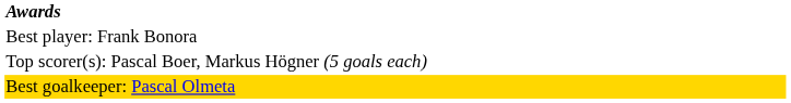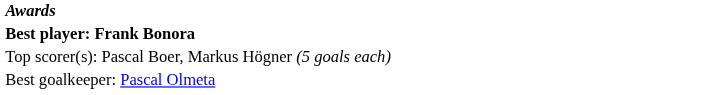 <table width=100% cellspacing=1 style="font-size: 90%;">
 <tr>
 <td><strong><em>Awards</em></strong></td>
 </tr>
 <tr>
-<td>Best player:  Frank Bonora</td>
+<td><strong>Best player:  Frank Bonora</strong></td>
 </tr>
 <tr>
 <td colspan=4>Top scorer(s):  Pascal Boer,  Markus Högner <em>(5 goals each)</em></td>
 </tr>
 <tr>
-<td style="background: gold;">Best goalkeeper:  <a href='#'>Pascal Olmeta</a></td>
+<td>Best goalkeeper:  <a href='#'>Pascal Olmeta</a></td>
 </tr>
 </table>
